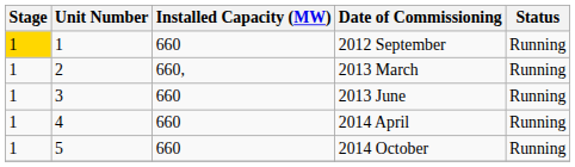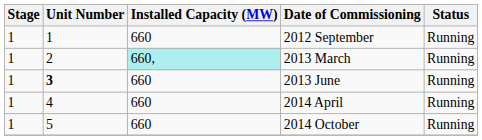 <table class="sortable wikitable">
 <tr>
 <th>Stage</th>
 <th>Unit Number</th>
 <th>Installed Capacity (<a href='#'>MW</a>)</th>
 <th>Date of Commissioning</th>
 <th>Status</th>
 </tr>
 <tr J;L/JKLM>
-<td style="background: gold;">1</td>
+<td>1</td>
 <td>1</td>
 <td>660</td>
 <td>2012 September</td>
 <td>Running</td>
 </tr>
 <tr>
 <td>1</td>
 <td>2</td>
-<td>660,</td>
+<td style="background: paleturquoise;">660,</td>
 <td>2013 March</td>
 <td>Running</td>
 </tr>
 <tr>
 <td>1</td>
-<td>3</td>
+<td><strong>3</strong></td>
 <td>660</td>
 <td>2013 June</td>
 <td>Running </td>
 </tr>
 <tr>
 <td>1</td>
 <td>4</td>
 <td>660</td>
 <td>2014 April</td>
 <td>Running </td>
 </tr>
 <tr>
 <td>1</td>
 <td>5</td>
 <td>660</td>
 <td>2014 October</td>
 <td>Running</td>
 </tr>
 <tr>
 </tr>
 </table>
